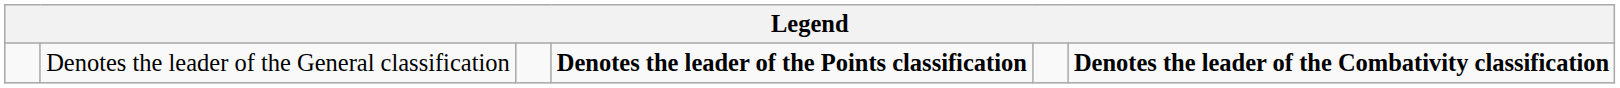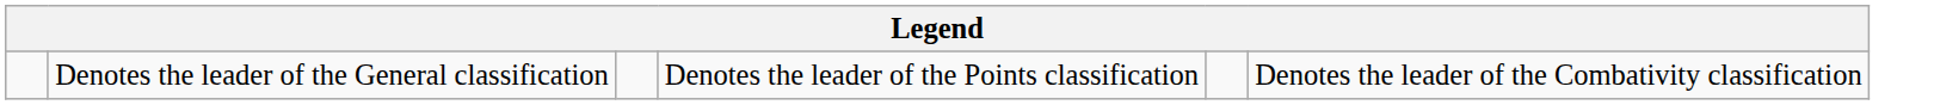 <table class="wikitable">
 <tr>
 <th colspan=6>Legend</th>
 </tr>
 <tr>
 <td>    </td>
 <td>Denotes the leader of the General classification</td>
 <td>    </td>
-<td><strong>Denotes the leader of the Points classification</strong></td>
+<td>Denotes the leader of the Points classification</td>
 <td>    </td>
-<td><strong>Denotes the leader of the Combativity classification</strong></td>
+<td>Denotes the leader of the Combativity classification</td>
 </tr>
 </table>
